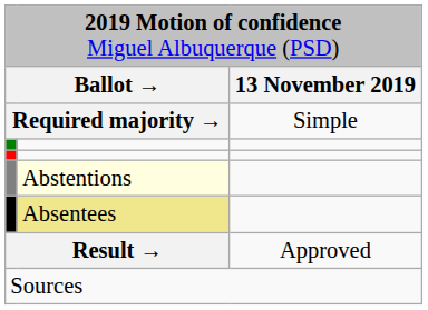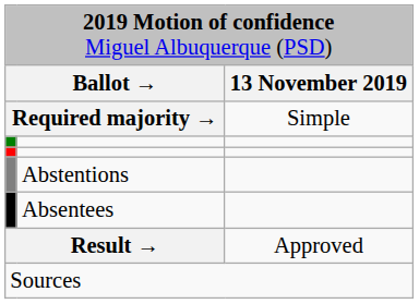 <table class="wikitable" style="text-align:center;">
 <tr>
 <td colspan="4" align="center" bgcolor="#C0C0C0"><strong>2019 Motion of confidence</strong><br><a href='#'>Miguel Albuquerque</a> (<a href='#'>PSD</a>)</td>
 </tr>
 <tr>
 <th colspan="2" style="width:150px;">Ballot →</th>
 <th>13 November 2019</th>
 </tr>
 <tr>
 <th colspan="2">Required majority →</th>
 <td>Simple</td>
 </tr>
 <tr>
 <th style="color:inherit;background:green;"></th>
 <td style="text-align:left;"></td>
 <td></td>
 </tr>
 <tr>
 <th style="width:1px; background:red;"></th>
 <td style="text-align:left;"></td>
 <td></td>
 </tr>
 <tr>
 <th style="color:inherit;background:gray;"></th>
-<td style="background: lightyellow; text-align:left;">Abstentions</td>
+<td style="text-align:left;">Abstentions</td>
 <td></td>
 </tr>
 <tr>
 <th style="color:inherit;background:black;"></th>
-<td style="background: khaki; text-align:left;">Absentees</td>
+<td style="text-align:left;">Absentees</td>
 <td></td>
 </tr>
 <tr>
 <th colspan="2">Result →</th>
 <td>Approved </td>
 </tr>
 <tr>
 <td style="text-align:left;" colspan="4">Sources</td>
 </tr>
 </table>
